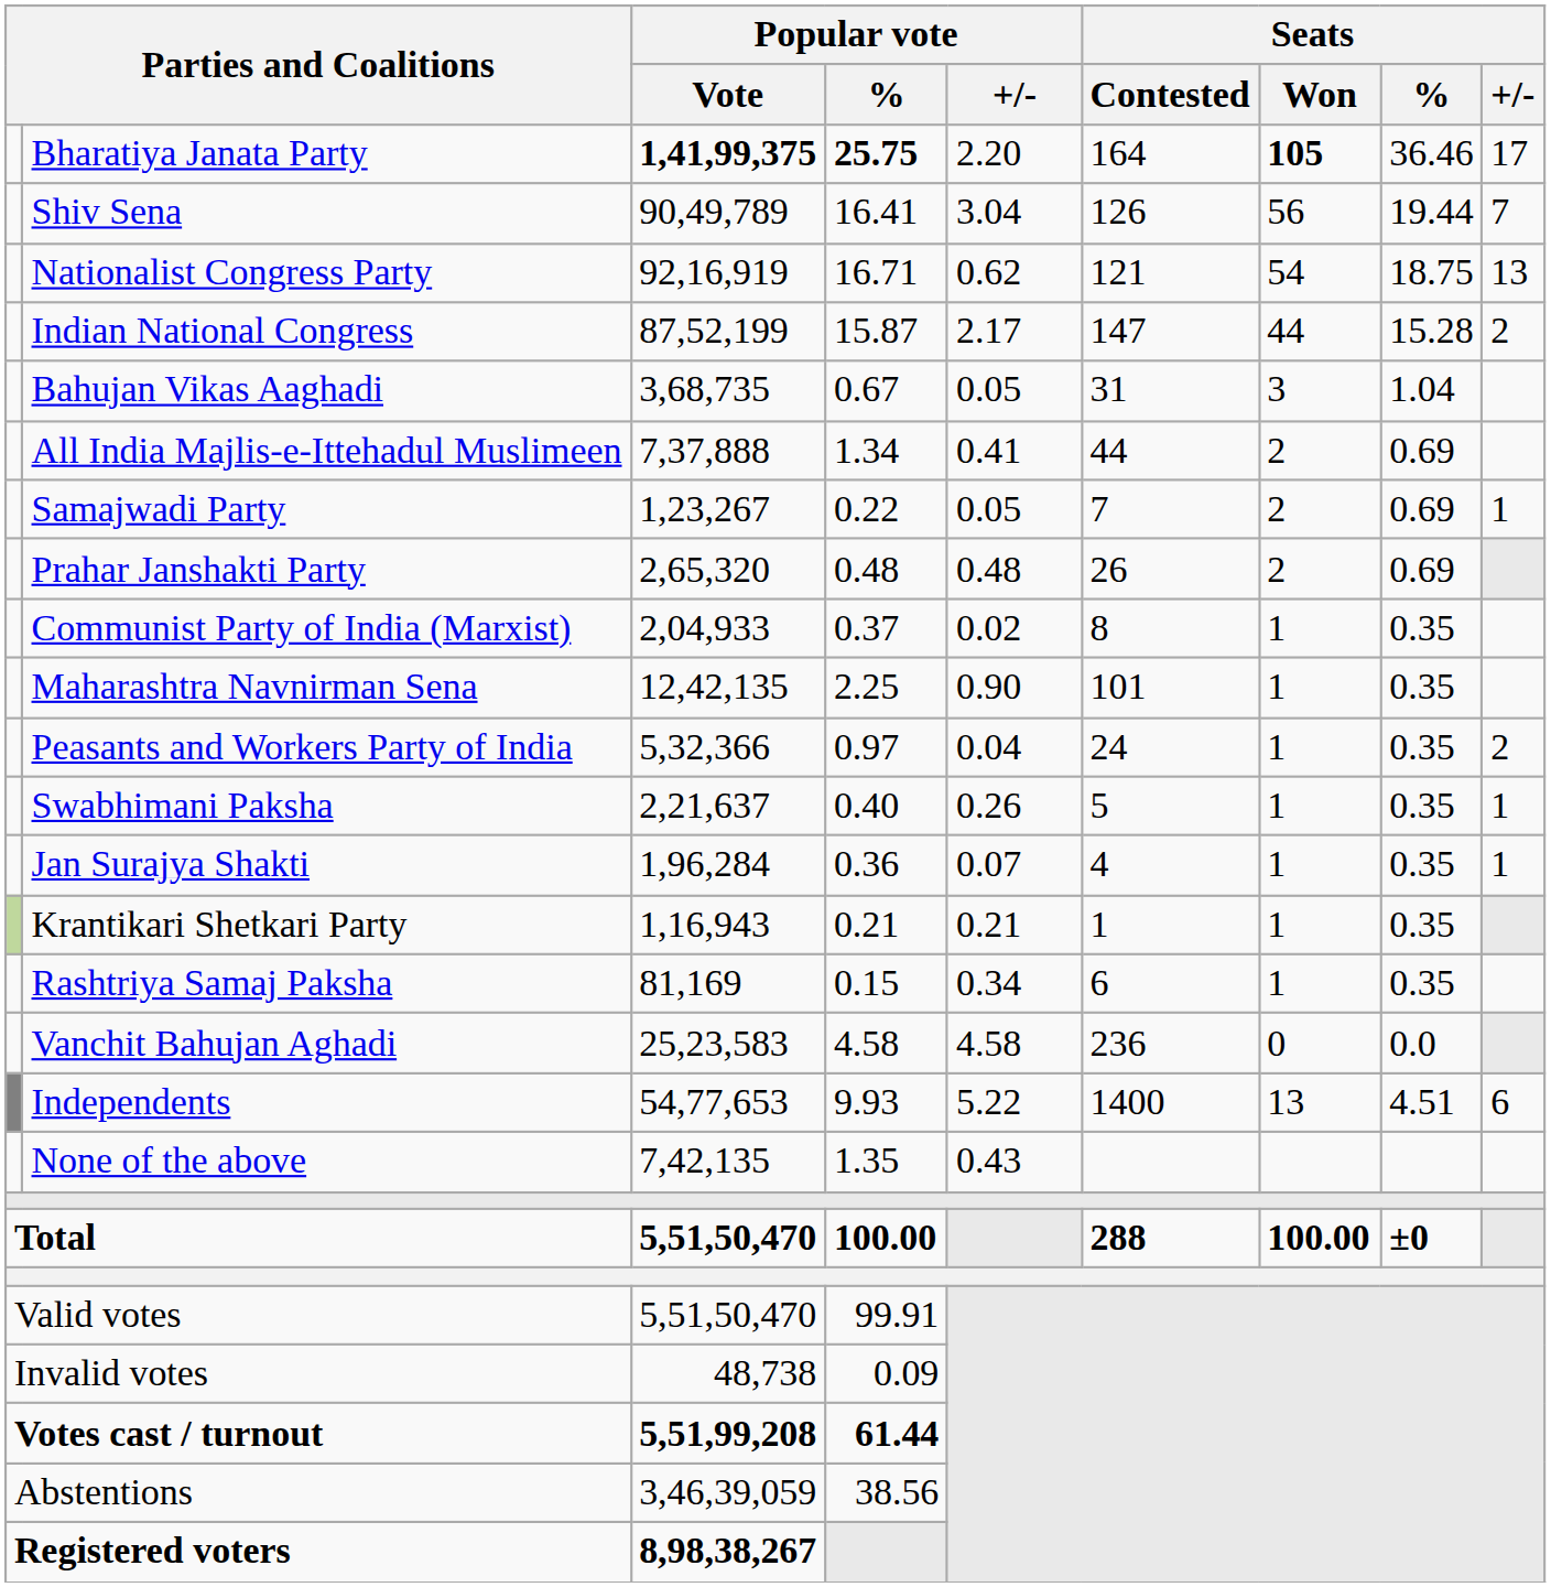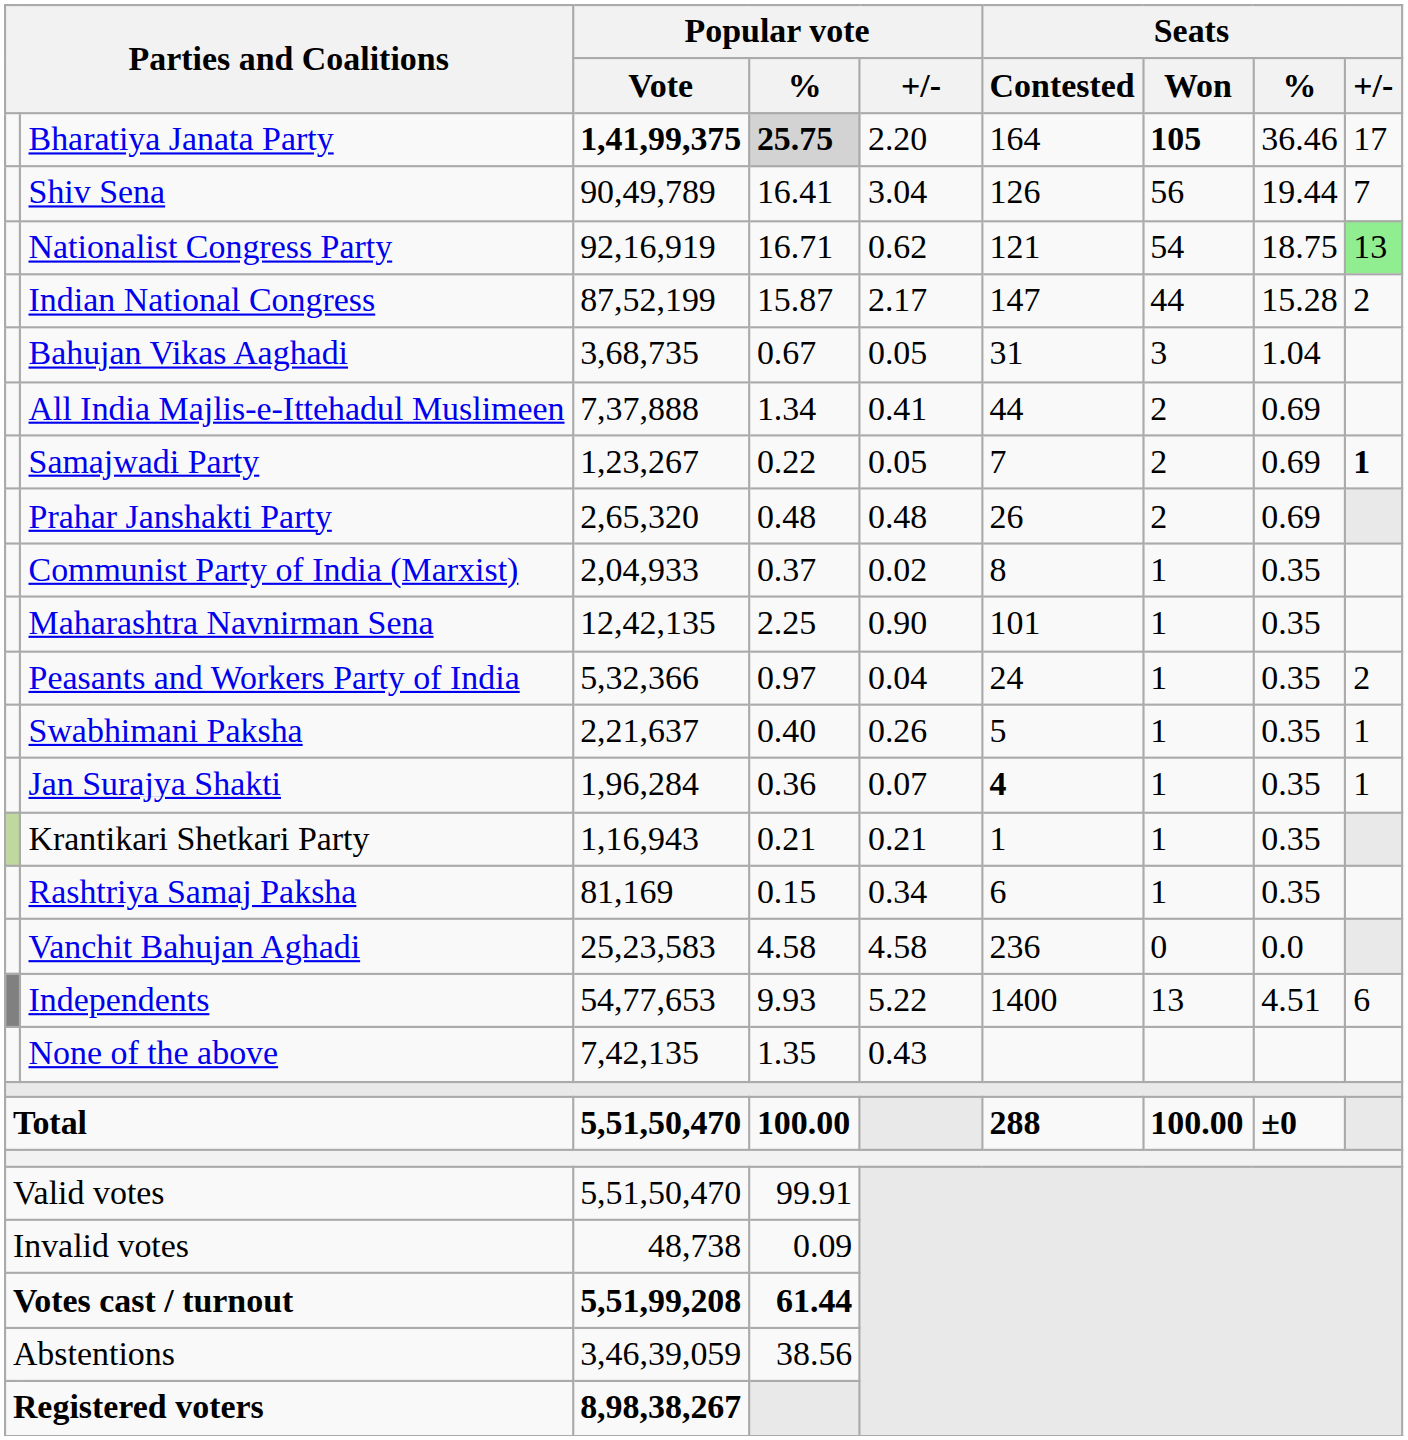 <table class="wikitable sortable">
 <tr>
 <th colspan="2" rowspan="2" width="150">Parties and Coalitions</th>
 <th colspan="3">Popular vote</th>
 <th colspan="4">Seats</th>
 </tr>
 <tr>
 <th width="70">Vote</th>
 <th width="45">%</th>
 <th width ="50">+/-</th>
 <th>Contested</th>
 <th width="45">Won</th>
 <th>%</th>
 <th>+/-</th>
 </tr>
 <tr>
 <td style="color:inherit;background-color:"></td>
 <td><a href='#'>Bharatiya Janata Party</a></td>
 <td><strong>1,41,99,375</strong></td>
-<td><strong>25.75</strong></td>
+<td style="background: lightgrey;"><strong>25.75</strong></td>
 <td>2.20</td>
 <td>164</td>
 <td><strong>105</strong></td>
 <td>36.46</td>
 <td>17</td>
 </tr>
 <tr>
 <td style="color:inherit;background-color: "></td>
 <td><a href='#'>Shiv Sena</a></td>
 <td>90,49,789</td>
 <td>16.41</td>
 <td>3.04</td>
 <td>126</td>
 <td>56</td>
 <td>19.44</td>
 <td>7</td>
 </tr>
 <tr>
 <td style="color:inherit;background-color: "></td>
 <td><a href='#'>Nationalist Congress Party</a></td>
 <td>92,16,919</td>
 <td>16.71</td>
 <td>0.62</td>
 <td>121</td>
 <td>54</td>
 <td>18.75</td>
-<td>13</td>
+<td style="background: lightgreen;">13</td>
 </tr>
 <tr>
 <td style="color:inherit;background-color: "></td>
 <td><a href='#'>Indian National Congress</a></td>
 <td>87,52,199</td>
 <td>15.87</td>
 <td>2.17</td>
 <td>147</td>
 <td>44</td>
 <td>15.28</td>
 <td>2</td>
 </tr>
 <tr>
 <td style="color:inherit;background-color: "></td>
 <td><a href='#'>Bahujan Vikas Aaghadi</a></td>
 <td>3,68,735</td>
 <td>0.67</td>
 <td>0.05</td>
 <td>31</td>
 <td>3</td>
 <td>1.04</td>
 <td></td>
 </tr>
 <tr>
 <td style="color:inherit;background-color:"></td>
 <td><a href='#'>All India Majlis-e-Ittehadul Muslimeen</a></td>
 <td>7,37,888</td>
 <td>1.34</td>
 <td>0.41</td>
 <td>44</td>
 <td>2</td>
 <td>0.69</td>
 <td></td>
 </tr>
 <tr>
 <td style="color:inherit;background-color: "></td>
 <td><a href='#'>Samajwadi Party</a></td>
 <td>1,23,267</td>
 <td>0.22</td>
 <td>0.05</td>
 <td>7</td>
 <td>2</td>
 <td>0.69</td>
-<td>1</td>
+<td><strong>1</strong></td>
 </tr>
 <tr>
 <td style="color:inherit;background-color: "></td>
 <td><a href='#'>Prahar Janshakti Party</a></td>
 <td>2,65,320</td>
 <td>0.48</td>
 <td>0.48</td>
 <td>26</td>
 <td>2</td>
 <td>0.69</td>
 <td style="color:inherit;background:#E9E9E9"></td>
 </tr>
 <tr>
 <td style="color:inherit;background-color: "></td>
 <td><a href='#'>Communist Party of India (Marxist)</a></td>
 <td>2,04,933</td>
 <td>0.37</td>
 <td>0.02</td>
 <td>8</td>
 <td>1</td>
 <td>0.35</td>
 <td></td>
 </tr>
 <tr>
 <td style="color:inherit;background-color: "></td>
 <td><a href='#'>Maharashtra Navnirman Sena</a></td>
 <td>12,42,135</td>
 <td>2.25</td>
 <td>0.90</td>
 <td>101</td>
 <td>1</td>
 <td>0.35</td>
 <td></td>
 </tr>
 <tr>
 <td style="color:inherit;background-color: "></td>
 <td><a href='#'>Peasants and Workers Party of India</a></td>
 <td>5,32,366</td>
 <td>0.97</td>
 <td>0.04</td>
 <td>24</td>
 <td>1</td>
 <td>0.35</td>
 <td>2</td>
 </tr>
 <tr>
 <td style="color:inherit;background-color: "></td>
 <td><a href='#'>Swabhimani Paksha</a></td>
 <td>2,21,637</td>
 <td>0.40</td>
 <td>0.26</td>
 <td>5</td>
 <td>1</td>
 <td>0.35</td>
 <td>1</td>
 </tr>
 <tr>
 <td style="color:inherit;background-color: "></td>
 <td><a href='#'>Jan Surajya Shakti</a><br></td>
 <td>1,96,284</td>
 <td>0.36</td>
 <td>0.07</td>
-<td>4</td>
+<td><strong>4</strong></td>
 <td>1</td>
 <td>0.35</td>
 <td>1</td>
 </tr>
 <tr>
 <td style="color:inherit;background-color:#BFD89D"></td>
 <td>Krantikari Shetkari Party<br></td>
 <td>1,16,943</td>
 <td>0.21</td>
 <td>0.21</td>
 <td>1</td>
 <td>1</td>
 <td>0.35</td>
 <td style="color:inherit;background:#E9E9E9"></td>
 </tr>
 <tr>
 <td style="color:inherit;background-color: "></td>
 <td><a href='#'>Rashtriya Samaj Paksha</a></td>
 <td>81,169</td>
 <td>0.15</td>
 <td>0.34</td>
 <td>6</td>
 <td>1</td>
 <td>0.35</td>
 <td></td>
 </tr>
 <tr>
 <td style="color:inherit;background-color:"></td>
 <td><a href='#'>Vanchit Bahujan Aghadi</a></td>
 <td>25,23,583</td>
 <td>4.58</td>
 <td>4.58</td>
 <td>236</td>
 <td>0</td>
 <td>0.0</td>
 <td style="color:inherit;background:#E9E9E9"></td>
 </tr>
 <tr>
 <td style="color:inherit;background-color:grey"></td>
 <td><a href='#'>Independents</a></td>
 <td>54,77,653</td>
 <td>9.93</td>
 <td>5.22</td>
 <td>1400</td>
 <td>13</td>
 <td>4.51</td>
 <td>6</td>
 </tr>
 <tr>
 <td></td>
 <td><a href='#'>None of the above</a></td>
 <td>7,42,135</td>
 <td>1.35</td>
 <td>0.43</td>
 <td></td>
 <td></td>
 <td></td>
 <td></td>
 </tr>
 <tr>
 <td colspan="9" style="color:inherit;background:#E9E9E9"></td>
 </tr>
 <tr style="font-weight:bold;">
 <td align="left" colspan="2">Total</td>
 <td>5,51,50,470</td>
 <td>100.00</td>
 <td style="color:inherit;background:#E9E9E9"></td>
 <td>288</td>
 <td>100.00</td>
 <td>±0</td>
 <td style="color:inherit;background:#E9E9E9"></td>
 </tr>
 <tr>
 <th colspan="9"></th>
 </tr>
 <tr>
 <td style="text-align:left;" colspan="2">Valid votes</td>
 <td align="right">5,51,50,470</td>
 <td align="right">99.91</td>
 <td colspan="5" rowspan="5" style="background-color:#E9E9E9"></td>
 </tr>
 <tr>
 <td style="text-align:left;" colspan="2">Invalid votes</td>
 <td align="right">48,738</td>
 <td align="right">0.09</td>
 </tr>
 <tr>
 <td style="text-align:left;" colspan="2"><strong>Votes cast / turnout</strong></td>
 <td align="right"><strong>5,51,99,208</strong></td>
 <td align="right"><strong>61.44</strong></td>
 </tr>
 <tr>
 <td style="text-align:left;" colspan="2">Abstentions</td>
 <td align="right">3,46,39,059</td>
 <td align="right">38.56</td>
 </tr>
 <tr>
 <td style="text-align:left;" colspan="2"><strong>Registered voters</strong></td>
 <td align="right"><strong>8,98,38,267</strong></td>
 <td colspan="1" style="background-color:#E9E9E9"></td>
 </tr>
 <tr>
 </tr>
 </table>
